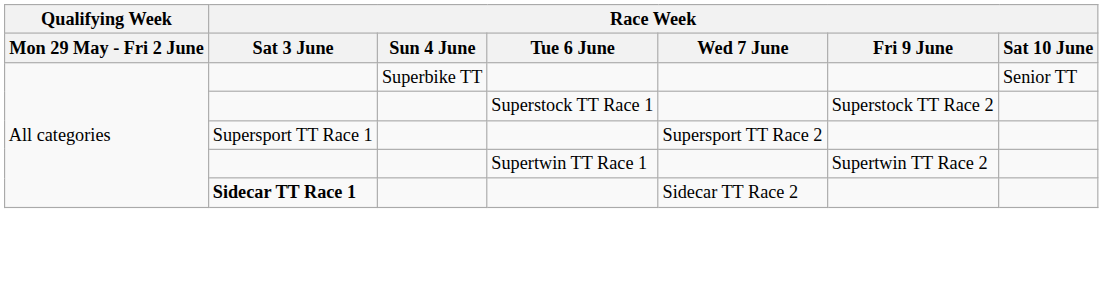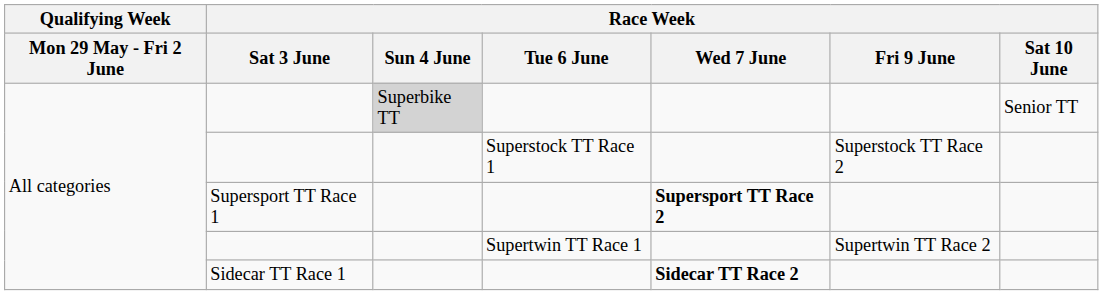 <table class="wikitable" style="width:60em">
 <tr>
 <th>Qualifying Week</th>
 <th colspan="6">Race Week</th>
 </tr>
 <tr>
 <th>Mon 29 May - Fri 2 June</th>
 <th>Sat 3 June</th>
 <th>Sun 4 June</th>
 <th>Tue 6 June</th>
 <th>Wed 7 June</th>
 <th>Fri 9 June</th>
 <th>Sat 10 June</th>
 </tr>
 <tr>
 <td rowspan="5">All categories</td>
 <td></td>
-<td>Superbike TT</td>
+<td style="background: lightgrey;">Superbike TT</td>
 <td></td>
 <td></td>
 <td></td>
 <td>Senior TT</td>
 </tr>
 <tr>
 <td></td>
 <td></td>
 <td>Superstock TT Race 1</td>
 <td></td>
 <td>Superstock TT Race 2</td>
 <td></td>
 </tr>
 <tr>
 <td>Supersport TT Race 1</td>
 <td></td>
 <td></td>
-<td>Supersport TT Race 2</td>
+<td><strong>Supersport TT Race 2</strong></td>
 <td></td>
 <td></td>
 </tr>
 <tr>
 <td></td>
 <td></td>
 <td>Supertwin TT Race 1</td>
 <td></td>
 <td>Supertwin TT Race 2</td>
 <td></td>
 </tr>
 <tr>
-<td><strong>Sidecar TT Race 1</strong></td>
+<td>Sidecar TT Race 1</td>
 <td></td>
 <td></td>
-<td>Sidecar TT Race 2</td>
+<td><strong>Sidecar TT Race 2</strong></td>
 <td></td>
 <td></td>
 </tr>
 </table>
